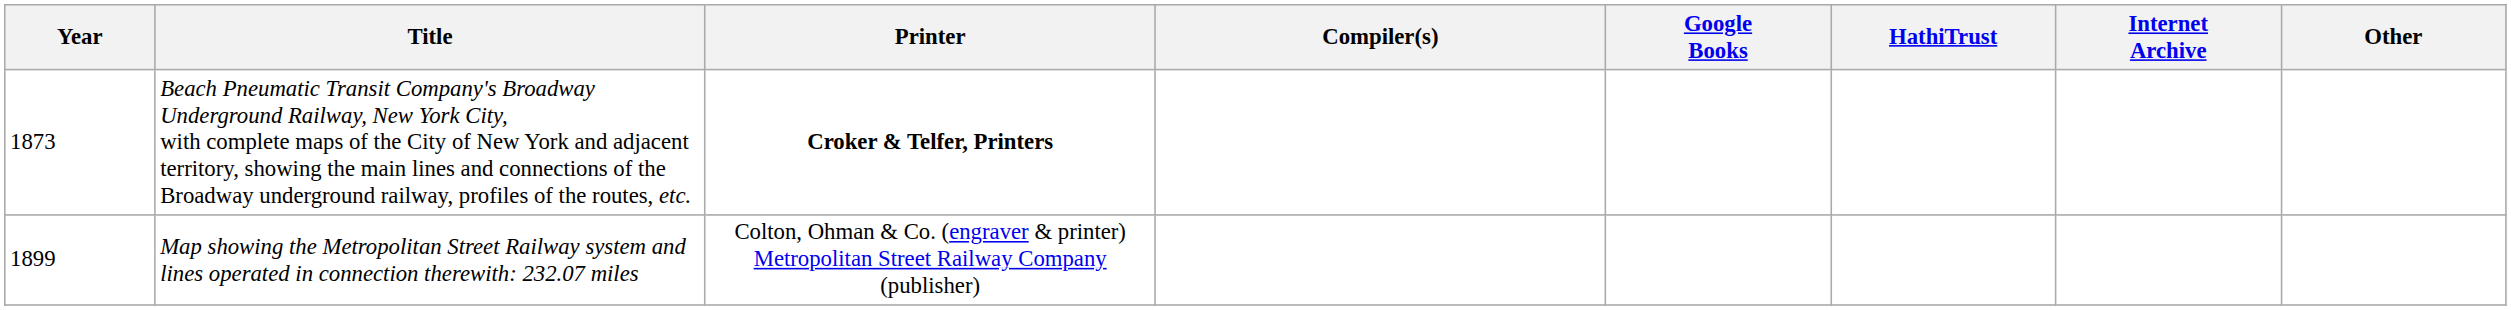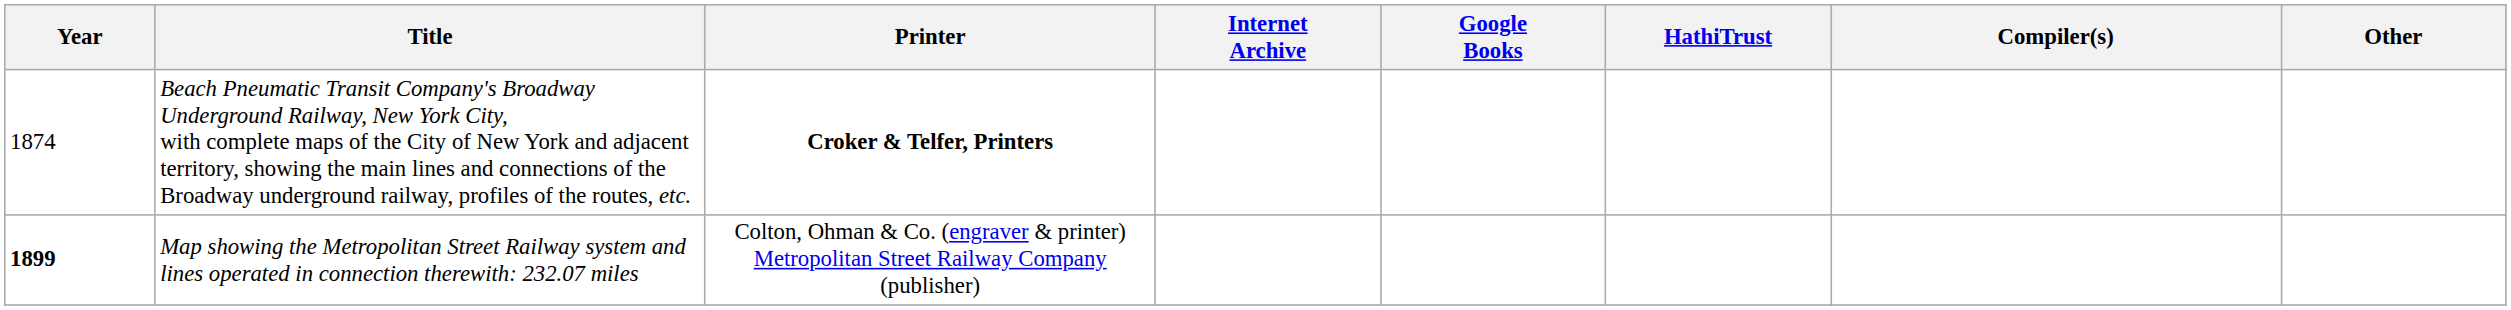 <table class="wikitable collapsible sortable" border="0" cellpadding="1" style="color:black; background-color: #FFFFFF; font-size: 90%; width:100%">
 <tr>
 <th>Year</th>
 <th>Title</th>
 <th>Printer</th>
-<th>Compiler(s)</th>
+<th><a href='#'>Internet<br>Archive</a></th>
 <th><a href='#'>Google<br>Books</a></th>
 <th><a href='#'>HathiTrust</a></th>
-<th><a href='#'>Internet<br>Archive</a></th>
+<th>Compiler(s)</th>
 <th>Other</th>
 </tr>
 <tr>
-<td width="6%">1873</td>
+<td width="6%">1874</td>
 <td width="22%"><em>Beach Pneumatic Transit Company's Broadway Underground Railway, New York City, </em><div>with complete maps of the City of New York and adjacent territory, showing the main lines and connections of the Broadway underground railway, profiles of the routes, <em>etc.</em></div></td>
 <td style="text-align:center" width="18%" data-sort-value="croker 1873"><strong>Croker & Telfer, Printers</strong></td>
-<td style="text-align:center" width="18%"></td>
 <td style="text-align:center" width="9%"></td>
 <td style="text-align:center" width="9%"></td>
 <td style="text-align:center" width="9%"></td>
+<td style="text-align:center" width="18%"></td>
 <td style="text-align:center" width="9%"></td>
 </tr>
 <tr>
-<td width="6%">1899</td>
+<td width="6%"><strong>1899</strong></td>
 <td width="22%"><em>Map showing the Metropolitan Street Railway system and lines operated in connection therewith: 232.07 miles</em><br></td>
 <td style="text-align:center" width="18%" data-sort-value="colton 1901">Colton, Ohman & Co. (<a href='#'>engraver</a> & printer)<br><a href='#'>Metropolitan Street Railway Company</a> (publisher)</td>
-<td style="text-align:center" width="18%"></td>
 <td style="text-align:center" width="9%"></td>
 <td style="text-align:center" width="9%"></td>
 <td style="text-align:center" width="9%"></td>
+<td style="text-align:center" width="18%"></td>
 <td style="text-align:center" width="9%"></td>
 </tr>
 </table>
